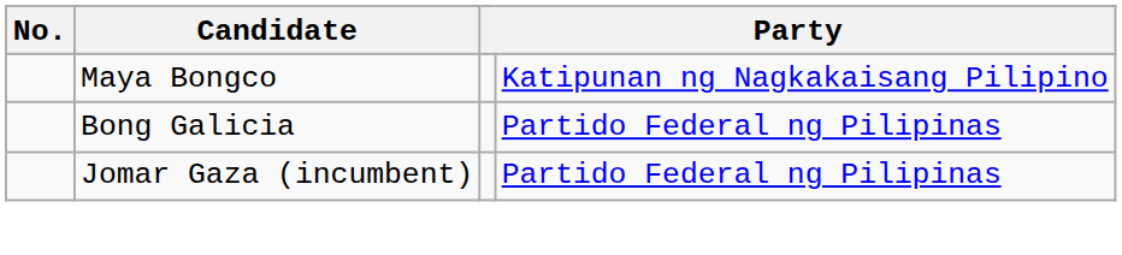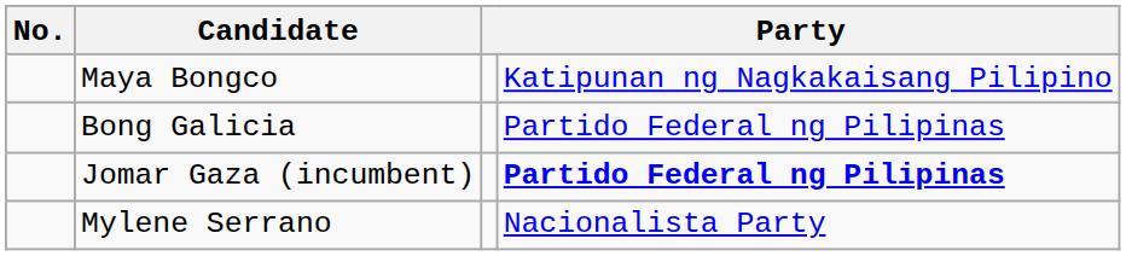 <table class="wikitable sortable" style="text-align:left;">
 <tr>
 <th>No.</th>
 <th>Candidate</th>
 <th colspan="2">Party</th>
 </tr>
 <tr>
 <td></td>
 <td>Maya Bongco</td>
 <td></td>
 <td><a href='#'>Katipunan ng Nagkakaisang Pilipino</a></td>
 </tr>
 <tr>
 <td></td>
 <td>Bong Galicia</td>
 <td></td>
 <td><a href='#'>Partido Federal ng Pilipinas</a></td>
 </tr>
 <tr>
 <td></td>
 <td>Jomar Gaza (incumbent)</td>
 <td></td>
-<td><a href='#'>Partido Federal ng Pilipinas</a></td>
+<td><strong><a href='#'>Partido Federal ng Pilipinas</a></strong></td>
+</tr>
+<tr>
+<td></td>
+<td>Mylene Serrano</td>
+<td></td>
+<td><a href='#'>Nacionalista Party</a></td>
 </tr>
 </table>
